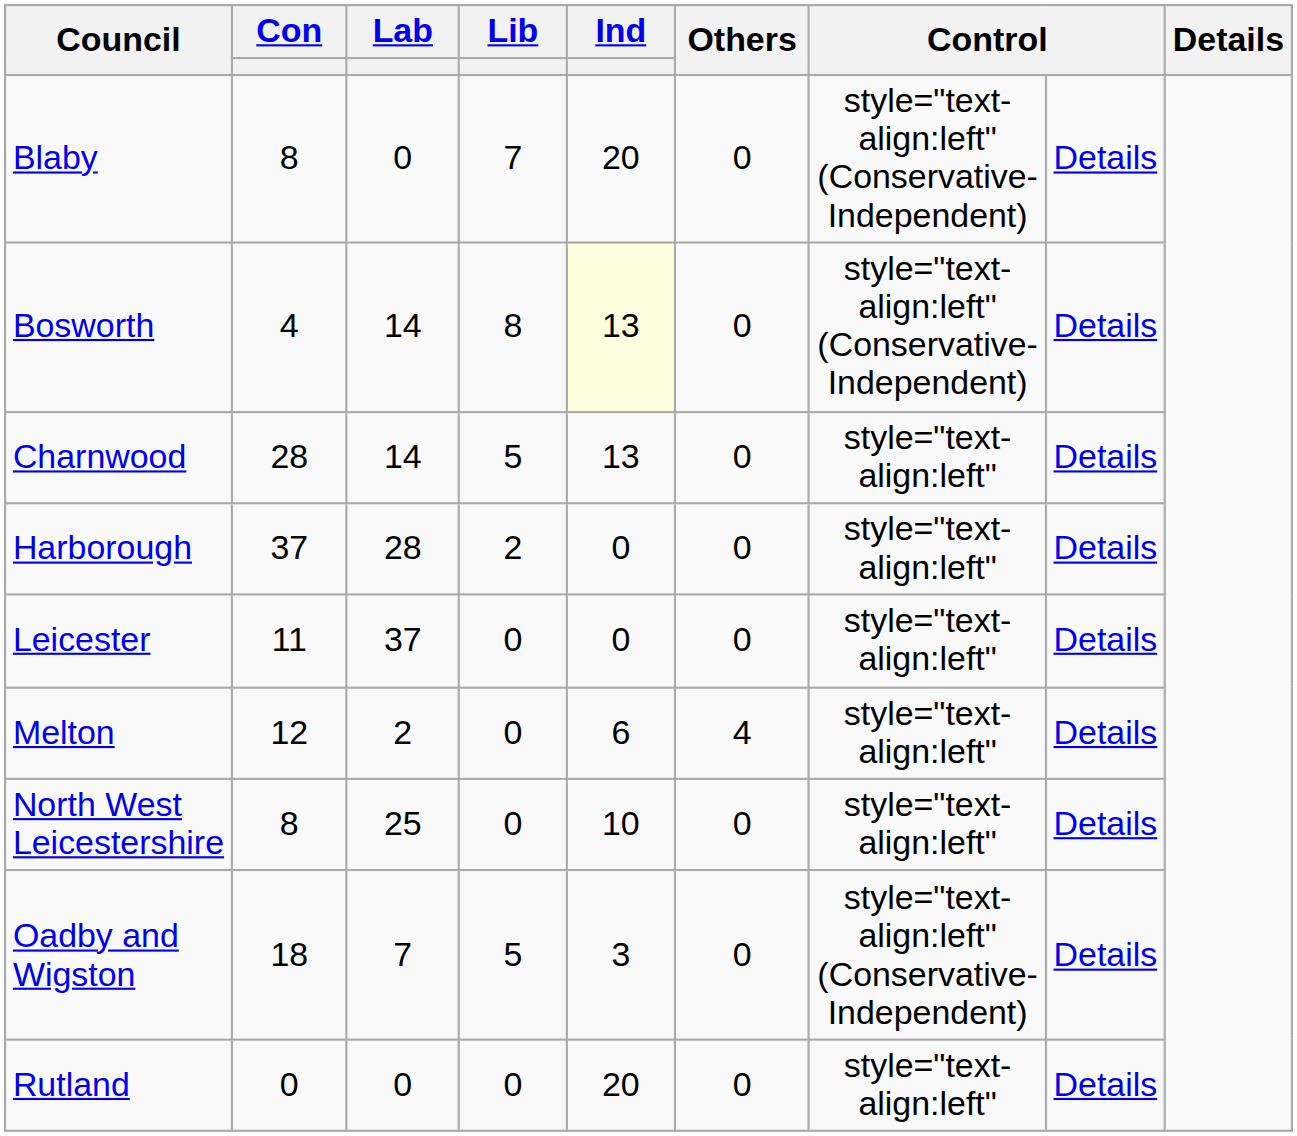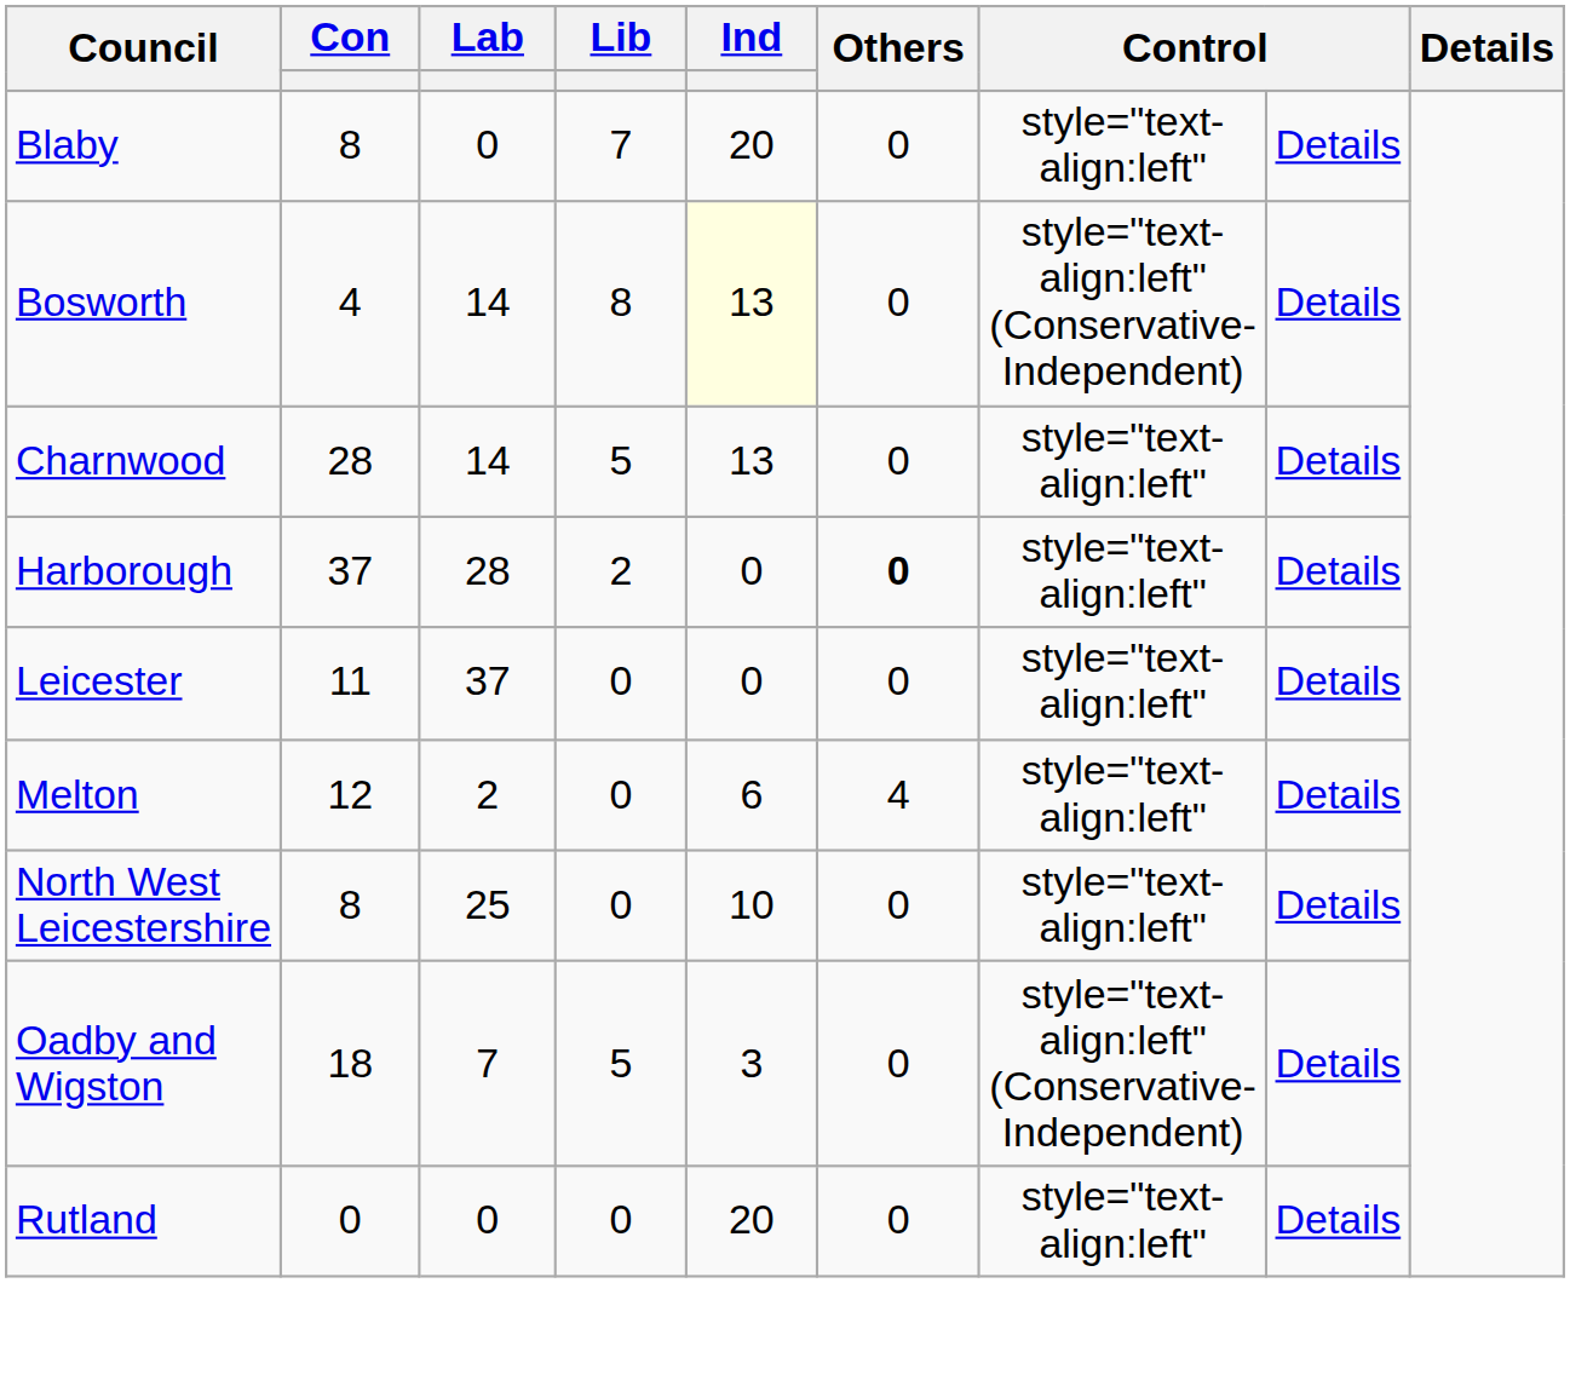 <table class="wikitable" style="text-align:center;">
 <tr>
 <th rowspan=2>Council</th>
 <th style="width:60px;"><a href='#'>Con</a></th>
 <th style="width:60px;"><a href='#'>Lab</a></th>
 <th style="width:60px;"><a href='#'>Lib</a></th>
 <th style="width:60px;"><a href='#'>Ind</a></th>
 <th style="width:60px;" rowspan=2>Others</th>
 <th rowspan=2 colspan=2>Control</th>
 <th rowspan=2>Details</th>
 </tr>
 <tr>
 <th style="background:"></th>
 <th style="background:"></th>
 <th style="background:"></th>
 <th style="background:"></th>
 </tr>
 <tr>
 <td style="text-align:left"><a href='#'>Blaby</a></td>
 <td>8</td>
 <td>0</td>
 <td>7</td>
 <td>20</td>
 <td>0</td>
-<td>style="text-align:left"  (Conservative-Independent)</td>
+<td>style="text-align:left" </td>
 <td style="text-align:left"><a href='#'>Details</a></td>
 </tr>
 <tr>
 <td style="text-align:left"><a href='#'>Bosworth</a></td>
 <td>4</td>
 <td>14</td>
 <td>8</td>
 <td style="background: lightyellow;">13</td>
 <td>0</td>
 <td>style="text-align:left"  (Conservative-Independent)</td>
 <td style="text-align:left"><a href='#'>Details</a></td>
 </tr>
 <tr>
 <td style="text-align:left"><a href='#'>Charnwood</a></td>
 <td>28</td>
 <td>14</td>
 <td>5</td>
 <td>13</td>
 <td>0</td>
 <td>style="text-align:left" </td>
 <td style="text-align:left"><a href='#'>Details</a></td>
 </tr>
 <tr>
 <td style="text-align:left"><a href='#'>Harborough</a></td>
 <td>37</td>
 <td>28</td>
 <td>2</td>
 <td>0</td>
-<td>0</td>
+<td><strong>0</strong></td>
 <td>style="text-align:left" </td>
 <td style="text-align:left"><a href='#'>Details</a></td>
 </tr>
 <tr>
 <td style="text-align:left"><a href='#'>Leicester</a></td>
 <td>11</td>
 <td>37</td>
 <td>0</td>
 <td>0</td>
 <td>0</td>
 <td>style="text-align:left" </td>
 <td style="text-align:left"><a href='#'>Details</a></td>
 </tr>
 <tr>
 <td style="text-align:left"><a href='#'>Melton</a></td>
 <td>12</td>
 <td>2</td>
 <td>0</td>
 <td>6</td>
 <td>4</td>
 <td>style="text-align:left" </td>
 <td style="text-align:left"><a href='#'>Details</a></td>
 </tr>
 <tr>
 <td style="text-align:left"><a href='#'>North West Leicestershire</a></td>
 <td>8</td>
 <td>25</td>
 <td>0</td>
 <td>10</td>
 <td>0</td>
 <td>style="text-align:left" </td>
 <td style="text-align:left"><a href='#'>Details</a></td>
 </tr>
 <tr>
 <td style="text-align:left"><a href='#'>Oadby and Wigston</a></td>
 <td>18</td>
 <td>7</td>
 <td>5</td>
 <td>3</td>
 <td>0</td>
 <td>style="text-align:left"  (Conservative-Independent)</td>
 <td style="text-align:left"><a href='#'>Details</a></td>
 </tr>
 <tr>
 <td style="text-align:left"><a href='#'>Rutland</a></td>
 <td>0</td>
 <td>0</td>
 <td>0</td>
 <td>20</td>
 <td>0</td>
 <td>style="text-align:left" </td>
 <td style="text-align:left"><a href='#'>Details</a></td>
 </tr>
 </table>
